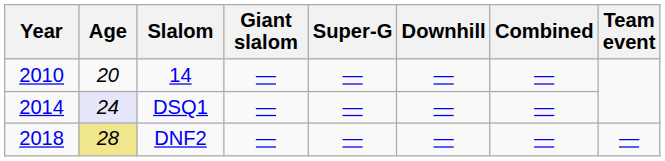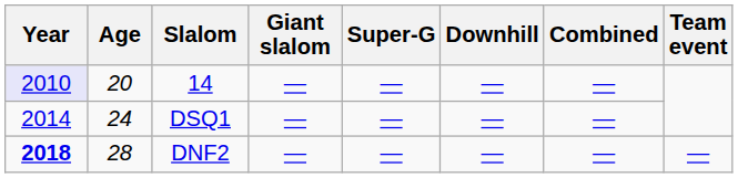 <table class=wikitable style="text-align:center">
 <tr>
 <th>  Year  </th>
 <th> Age </th>
 <th> Slalom </th>
 <th> Giant <br> slalom </th>
 <th>Super-G</th>
 <th>Downhill</th>
 <th>Combined</th>
 <th>Team<br>event</th>
 </tr>
 <tr>
-<td><a href='#'>2010</a></td>
+<td style="background: lavender;"><a href='#'>2010</a></td>
 <td><em>20</em></td>
 <td><a href='#'>14</a></td>
 <td><a href='#'>—</a></td>
 <td><a href='#'>—</a></td>
 <td><a href='#'>—</a></td>
 <td><a href='#'>—</a></td>
 <td rowspan=2></td>
 </tr>
 <tr>
 <td><a href='#'>2014</a></td>
-<td style="background: lavender;"><em>24</em></td>
+<td><em>24</em></td>
 <td><a href='#'>DSQ1</a></td>
 <td><a href='#'>—</a></td>
 <td><a href='#'>—</a></td>
 <td><a href='#'>—</a></td>
 <td><a href='#'>—</a></td>
 </tr>
 <tr>
-<td><a href='#'>2018</a></td>
-<td style="background: khaki;"><em>28</em></td>
+<td><strong><a href='#'>2018</a></strong></td>
+<td><em>28</em></td>
 <td><a href='#'>DNF2</a></td>
 <td><a href='#'>—</a></td>
 <td><a href='#'>—</a></td>
 <td><a href='#'>—</a></td>
 <td><a href='#'>—</a></td>
 <td><a href='#'>—</a></td>
 </tr>
 </table>
